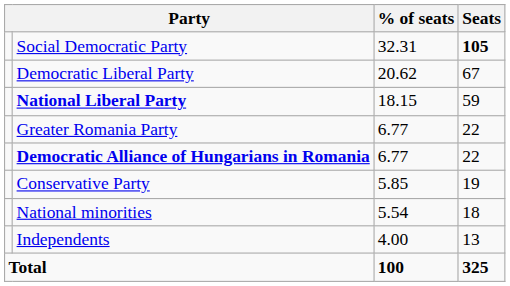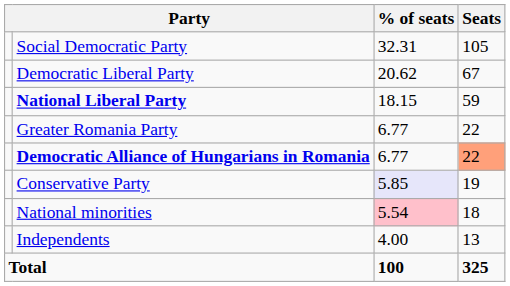 <table class="wikitable">
 <tr>
 <th colspan=2>Party</th>
 <th>% of seats</th>
 <th>Seats</th>
 </tr>
 <tr>
 <td></td>
 <td><a href='#'>Social Democratic Party</a></td>
 <td>32.31</td>
-<td><strong>105</strong></td>
+<td>105</td>
 </tr>
 <tr>
 <td></td>
 <td><a href='#'>Democratic Liberal Party</a></td>
 <td>20.62</td>
 <td>67</td>
 </tr>
 <tr>
 <td></td>
 <td><strong><a href='#'>National Liberal Party</a></strong></td>
 <td>18.15</td>
 <td>59</td>
 </tr>
 <tr>
 <td></td>
 <td><a href='#'>Greater Romania Party</a></td>
 <td>6.77</td>
 <td>22</td>
 </tr>
 <tr>
 <td></td>
 <td><strong><a href='#'>Democratic Alliance of Hungarians in Romania</a></strong></td>
 <td>6.77</td>
-<td>22</td>
+<td style="background: lightsalmon;">22</td>
 </tr>
 <tr>
 <td></td>
 <td><a href='#'>Conservative Party</a></td>
-<td>5.85</td>
+<td style="background: lavender;">5.85</td>
 <td>19</td>
 </tr>
 <tr>
 <td></td>
 <td><a href='#'>National minorities</a></td>
-<td>5.54</td>
+<td style="background: pink;">5.54</td>
 <td>18</td>
 </tr>
 <tr>
 <td></td>
 <td><a href='#'>Independents</a></td>
 <td>4.00</td>
 <td>13</td>
 </tr>
 <tr>
 <td colspan=2><strong>Total</strong></td>
 <td><strong>100</strong></td>
 <td><strong>325</strong></td>
 </tr>
 </table>
